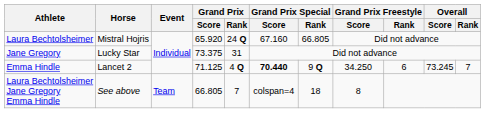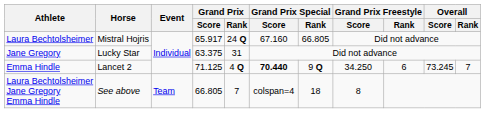 <table class=wikitable style="font-size:90%">
 <tr>
 <th rowspan="2">Athlete</th>
 <th rowspan="2">Horse</th>
 <th rowspan="2">Event</th>
 <th colspan="2">Grand Prix</th>
 <th colspan="2">Grand Prix Special</th>
 <th colspan="2">Grand Prix Freestyle</th>
 <th colspan="2">Overall</th>
 </tr>
 <tr style="font-size:95%">
 <th>Score</th>
 <th>Rank</th>
 <th>Score</th>
 <th>Rank</th>
 <th>Score</th>
 <th>Rank</th>
 <th>Score</th>
 <th>Rank</th>
 </tr>
 <tr align=center>
 <td align=left><a href='#'>Laura Bechtolsheimer</a></td>
 <td align=left>Mistral Hojris</td>
 <td align=left rowspan=3><a href='#'>Individual</a></td>
-<td>65.920</td>
+<td>65.917</td>
 <td>24 <strong>Q</strong></td>
 <td>67.160</td>
 <td>66.805</td>
 <td colspan=4>Did not advance</td>
 </tr>
 <tr align=center>
 <td align=left><a href='#'>Jane Gregory</a></td>
 <td align=left>Lucky Star</td>
-<td>73.375</td>
+<td>63.375</td>
 <td>31</td>
 <td colspan=6>Did not advance</td>
 </tr>
 <tr align=center>
 <td align=left><a href='#'>Emma Hindle</a></td>
 <td align=left>Lancet 2</td>
 <td>71.125</td>
 <td>4 <strong>Q</strong></td>
 <td><strong>70.440</strong></td>
 <td>9 <strong>Q</strong></td>
 <td>34.250</td>
 <td>6</td>
 <td>73.245</td>
 <td>7</td>
 </tr>
 <tr align=center>
 <td align=left><a href='#'>Laura Bechtolsheimer</a><br><a href='#'>Jane Gregory</a><br><a href='#'>Emma Hindle</a></td>
 <td align=left><em>See above</em></td>
 <td align=left><a href='#'>Team</a></td>
 <td>66.805</td>
 <td>7</td>
 <td>colspan=4 </td>
 <td>18</td>
 <td>8</td>
 </tr>
 </table>
